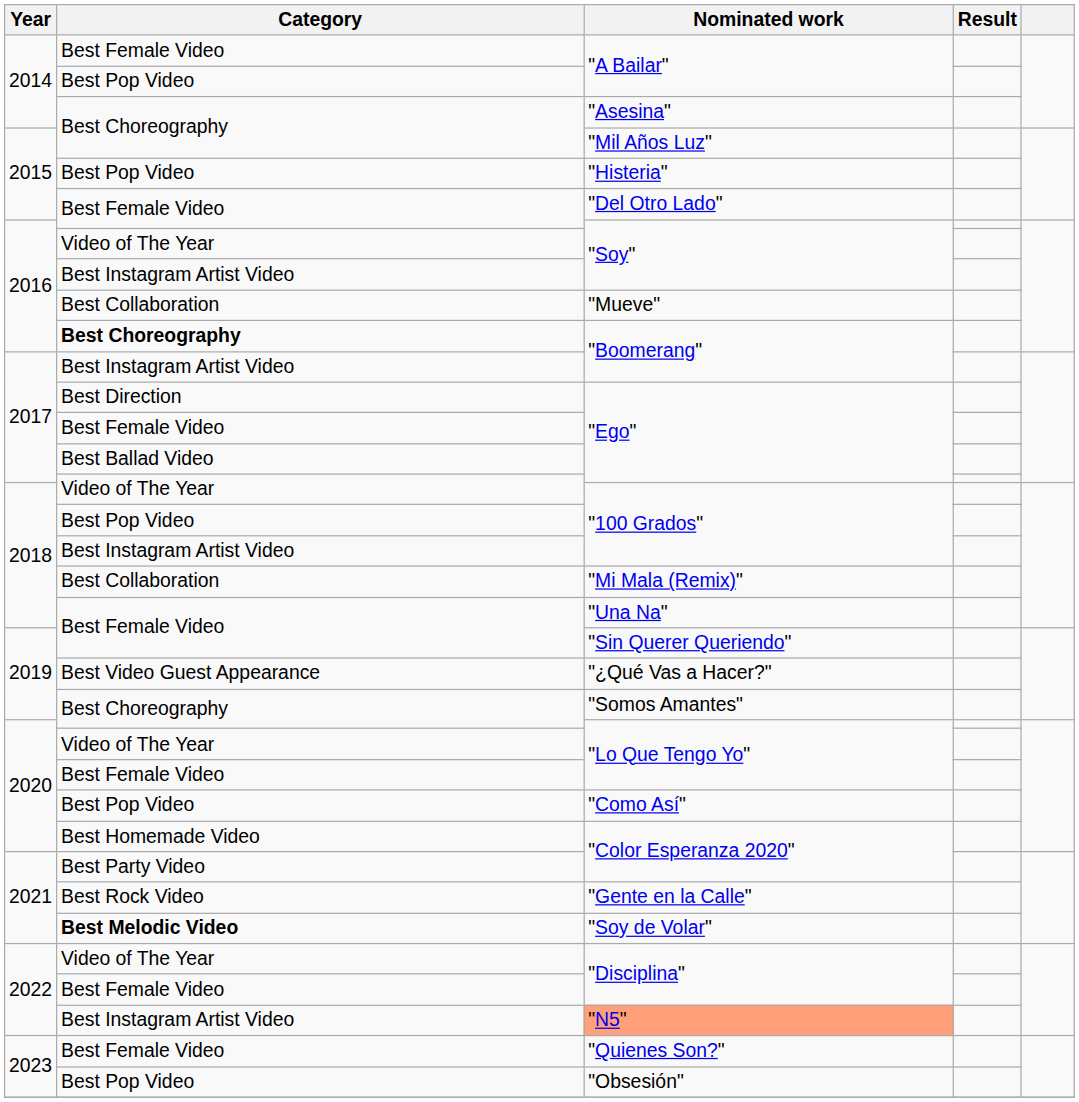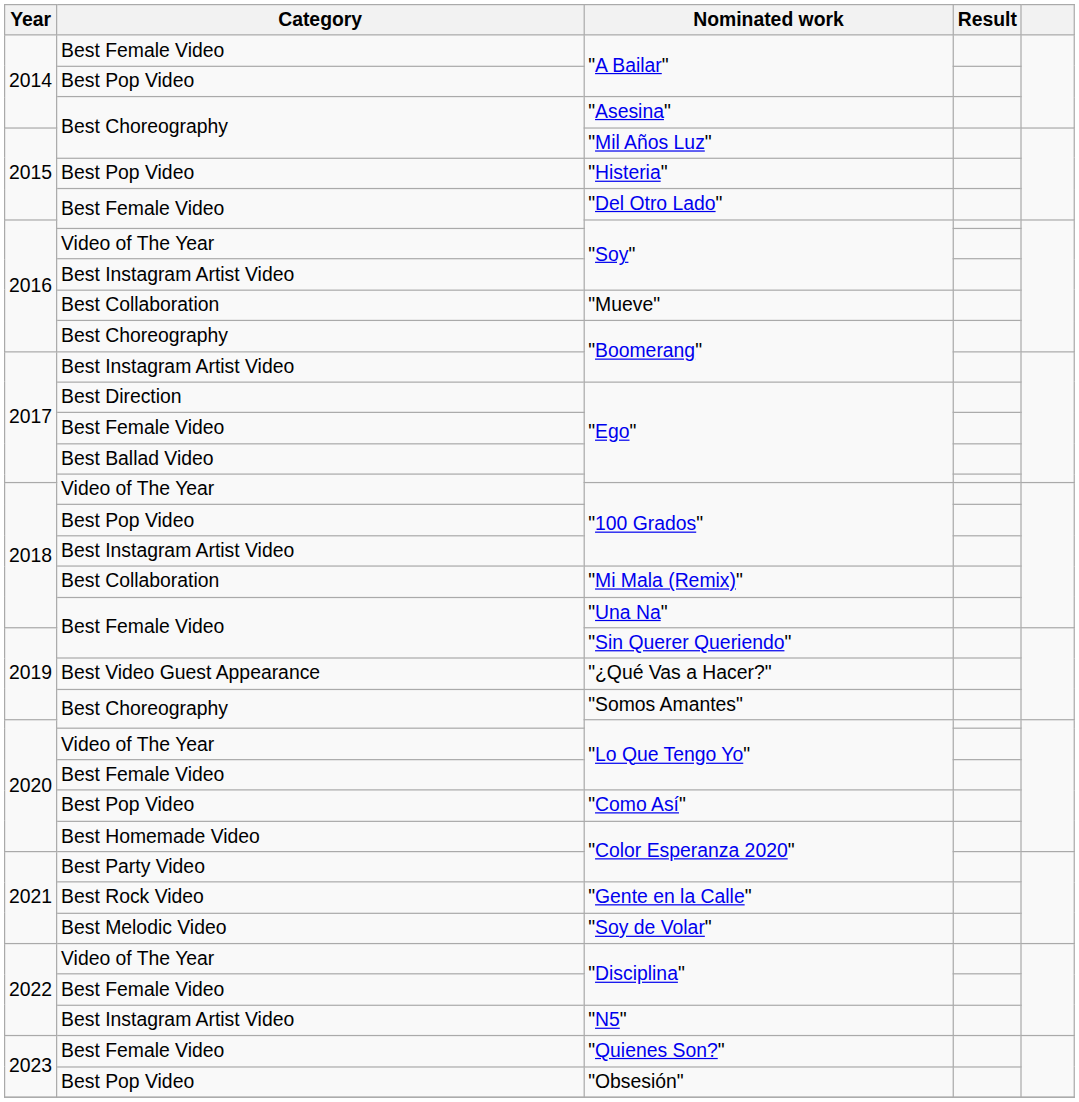 <table class="wikitable plainrowheaders" style="width:70%;">
 <tr>
 <th scope="col" style="width:4%;">Year</th>
 <th scope="col" style="width:50%;">Category</th>
 <th scope="col" style="width:35%;">Nominated work</th>
 <th scope="col" style="width:6%;">Result</th>
 <th scope="col" style="width:6%;"></th>
 </tr>
 <tr>
 <td rowspan="3" align=center>2014</td>
 <td>Best Female Video</td>
 <td rowspan="2">"<a href='#'>A Bailar</a>"</td>
 <td></td>
 <td rowspan="3" align=center></td>
 </tr>
 <tr>
 <td>Best Pop Video</td>
 <td></td>
 </tr>
 <tr>
 <td rowspan="2">Best Choreography</td>
 <td>"<a href='#'>Asesina</a>"</td>
 <td></td>
 </tr>
 <tr>
 <td rowspan="3" align=center>2015</td>
 <td>"<a href='#'>Mil Años Luz</a>"</td>
 <td></td>
 <td rowspan="3" align=center></td>
 </tr>
 <tr>
 <td>Best Pop Video</td>
 <td>"<a href='#'>Histeria</a>"</td>
 <td></td>
 </tr>
 <tr>
 <td rowspan="2">Best Female Video</td>
 <td rowspan="1">"<a href='#'>Del Otro Lado</a>"</td>
 <td></td>
 </tr>
 <tr>
 <td rowspan="5" align=center>2016</td>
 <td rowspan="3">"<a href='#'>Soy</a>"</td>
 <td></td>
 <td rowspan="5" align=center></td>
 </tr>
 <tr>
 <td rowspan="1">Video of The Year</td>
 <td></td>
 </tr>
 <tr>
 <td>Best Instagram Artist Video</td>
 <td></td>
 </tr>
 <tr>
 <td>Best Collaboration</td>
 <td>"Mueve" </td>
 <td></td>
 </tr>
 <tr>
-<td><strong>Best Choreography</strong></td>
+<td>Best Choreography</td>
 <td rowspan="2">"<a href='#'>Boomerang</a>"</td>
 <td></td>
 </tr>
 <tr>
 <td rowspan="5" align=center>2017</td>
 <td>Best Instagram Artist Video</td>
 <td></td>
 <td rowspan="5" align=center></td>
 </tr>
 <tr>
 <td>Best Direction</td>
 <td rowspan="4">"<a href='#'>Ego</a>"</td>
 <td></td>
 </tr>
 <tr>
 <td>Best Female Video</td>
 <td></td>
 </tr>
 <tr>
 <td>Best Ballad Video</td>
 <td></td>
 </tr>
 <tr>
 <td rowspan="2">Video of The Year</td>
 <td></td>
 </tr>
 <tr>
 <td rowspan="5" align=center>2018</td>
 <td rowspan="3">"<a href='#'>100 Grados</a>"</td>
 <td></td>
 <td rowspan="5" align=center></td>
 </tr>
 <tr>
 <td>Best Pop Video</td>
 <td></td>
 </tr>
 <tr>
 <td>Best Instagram Artist Video</td>
 <td></td>
 </tr>
 <tr>
 <td>Best Collaboration</td>
 <td>"<a href='#'>Mi Mala (Remix)</a>"</td>
 <td></td>
 </tr>
 <tr>
 <td rowspan="2">Best Female Video</td>
 <td>"<a href='#'>Una Na</a>"</td>
 <td></td>
 </tr>
 <tr>
 <td rowspan="3" align=center>2019</td>
 <td>"<a href='#'>Sin Querer Queriendo</a>"</td>
 <td></td>
 <td rowspan="3" align=center></td>
 </tr>
 <tr>
 <td>Best Video Guest Appearance</td>
 <td>"¿Qué Vas a Hacer?" </td>
 <td></td>
 </tr>
 <tr>
 <td rowspan="2">Best Choreography</td>
 <td>"Somos Amantes"</td>
 <td></td>
 </tr>
 <tr>
 <td rowspan="5">2020</td>
 <td rowspan="3">"<a href='#'>Lo Que Tengo Yo</a>"</td>
 <td></td>
 <td rowspan="5" align=center></td>
 </tr>
 <tr>
 <td>Video of The Year</td>
 <td></td>
 </tr>
 <tr>
 <td>Best Female Video</td>
 <td></td>
 </tr>
 <tr>
 <td>Best Pop Video</td>
 <td>"<a href='#'>Como Así</a>"</td>
 <td></td>
 </tr>
 <tr>
 <td>Best Homemade Video</td>
 <td rowspan="2">"<a href='#'>Color Esperanza 2020</a>"</td>
 <td></td>
 </tr>
 <tr>
 <td rowspan="3">2021</td>
 <td>Best Party Video</td>
 <td></td>
 <td rowspan="3" align=center></td>
 </tr>
 <tr>
 <td>Best Rock Video</td>
 <td>"<a href='#'>Gente en la Calle</a>" </td>
 <td></td>
 </tr>
 <tr>
-<td><strong>Best Melodic Video</strong></td>
+<td>Best Melodic Video</td>
 <td>"<a href='#'>Soy de Volar</a>" </td>
 <td></td>
 </tr>
 <tr>
 <td rowspan="3">2022</td>
 <td>Video of The Year</td>
 <td rowspan="2">"<a href='#'>Disciplina</a>"</td>
 <td></td>
 <td rowspan="3"></td>
 </tr>
 <tr>
 <td>Best Female Video</td>
 <td></td>
 </tr>
 <tr>
 <td>Best Instagram Artist Video</td>
-<td style="background: lightsalmon;">"<a href='#'>N5</a>"</td>
+<td>"<a href='#'>N5</a>"</td>
 <td></td>
 </tr>
 <tr>
 <td rowspan="2">2023</td>
 <td>Best Female Video</td>
 <td>"<a href='#'>Quienes Son?</a>"</td>
 <td></td>
 <td rowspan="2"></td>
 </tr>
 <tr>
 <td>Best Pop Video</td>
 <td>"Obsesión"</td>
 <td></td>
 </tr>
 <tr>
 </tr>
 </table>
